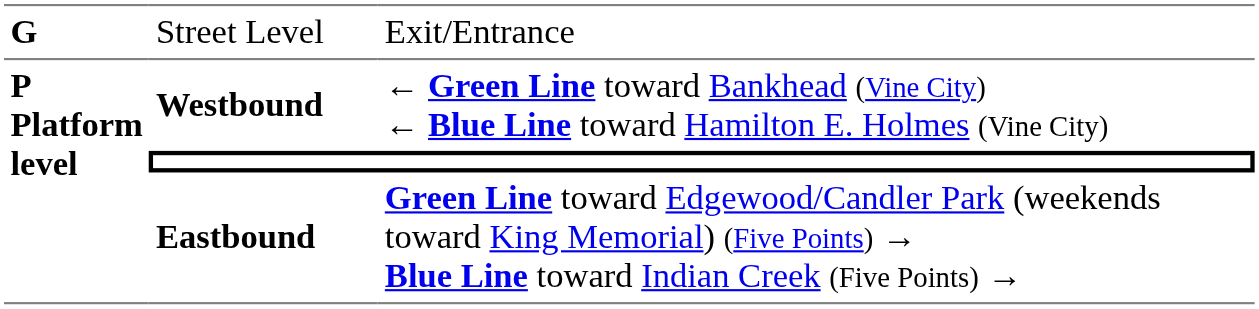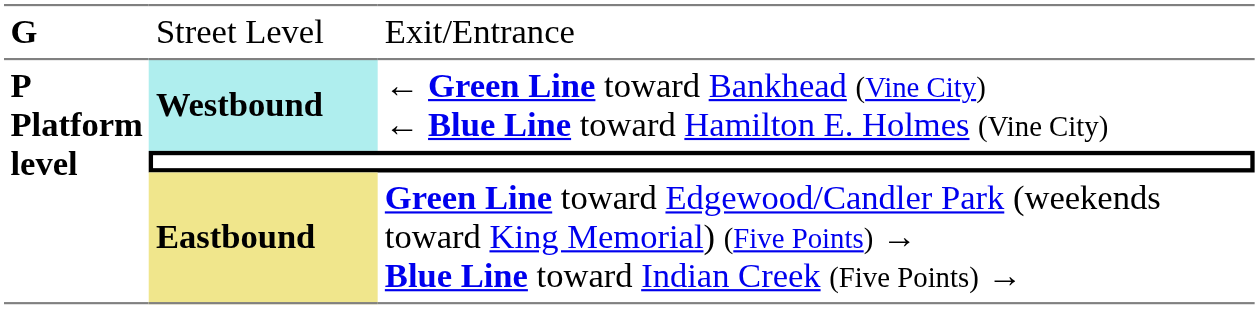 <table table border=0 cellspacing=0 cellpadding=3>
 <tr>
 <td style="border-top:solid 1px gray;" width=50 valign=top><strong>G</strong></td>
 <td style="border-top:solid 1px gray;" width=100 valign=top>Street Level</td>
 <td style="border-top:solid 1px gray;" width=400 valign=top>Exit/Entrance</td>
 </tr>
 <tr>
 <td style="border-top:solid 1px gray;border-bottom:solid 1px gray;" width=50 rowspan=3 valign=top><strong>P<br>Platform level</strong></td>
-<td style="border-top:solid 1px gray;" width=100><strong>Westbound</strong></td>
+<td style="background: paleturquoise; border-top:solid 1px gray;" width=100><strong>Westbound</strong></td>
 <td style="border-top:solid 1px gray;" width=400>← <a href='#'><span><strong>Green Line</strong></span></a> toward <a href='#'>Bankhead</a> <small>(<a href='#'>Vine City</a>)</small><br>← <a href='#'><span><strong>Blue Line</strong></span></a> toward <a href='#'>Hamilton E. Holmes</a> <small>(Vine City)</small></td>
 </tr>
 <tr>
 <td style="border-top:solid 2px black;border-right:solid 2px black;border-left:solid 2px black;border-bottom:solid 2px black;text-align:center;" colspan=2></td>
 </tr>
 <tr>
-<td style="border-bottom:solid 1px gray;"><strong>Eastbound</strong></td>
+<td style="background: khaki; border-bottom:solid 1px gray;"><strong>Eastbound</strong></td>
 <td style="border-bottom:solid 1px gray;"> <a href='#'><span><strong>Green Line</strong></span></a> toward <a href='#'>Edgewood/Candler Park</a> (weekends toward <a href='#'>King Memorial</a>) <small>(<a href='#'>Five Points</a>)</small> →<br> <a href='#'><span><strong>Blue Line</strong></span></a> toward <a href='#'>Indian Creek</a> <small>(Five Points)</small> →</td>
 </tr>
 </table>
